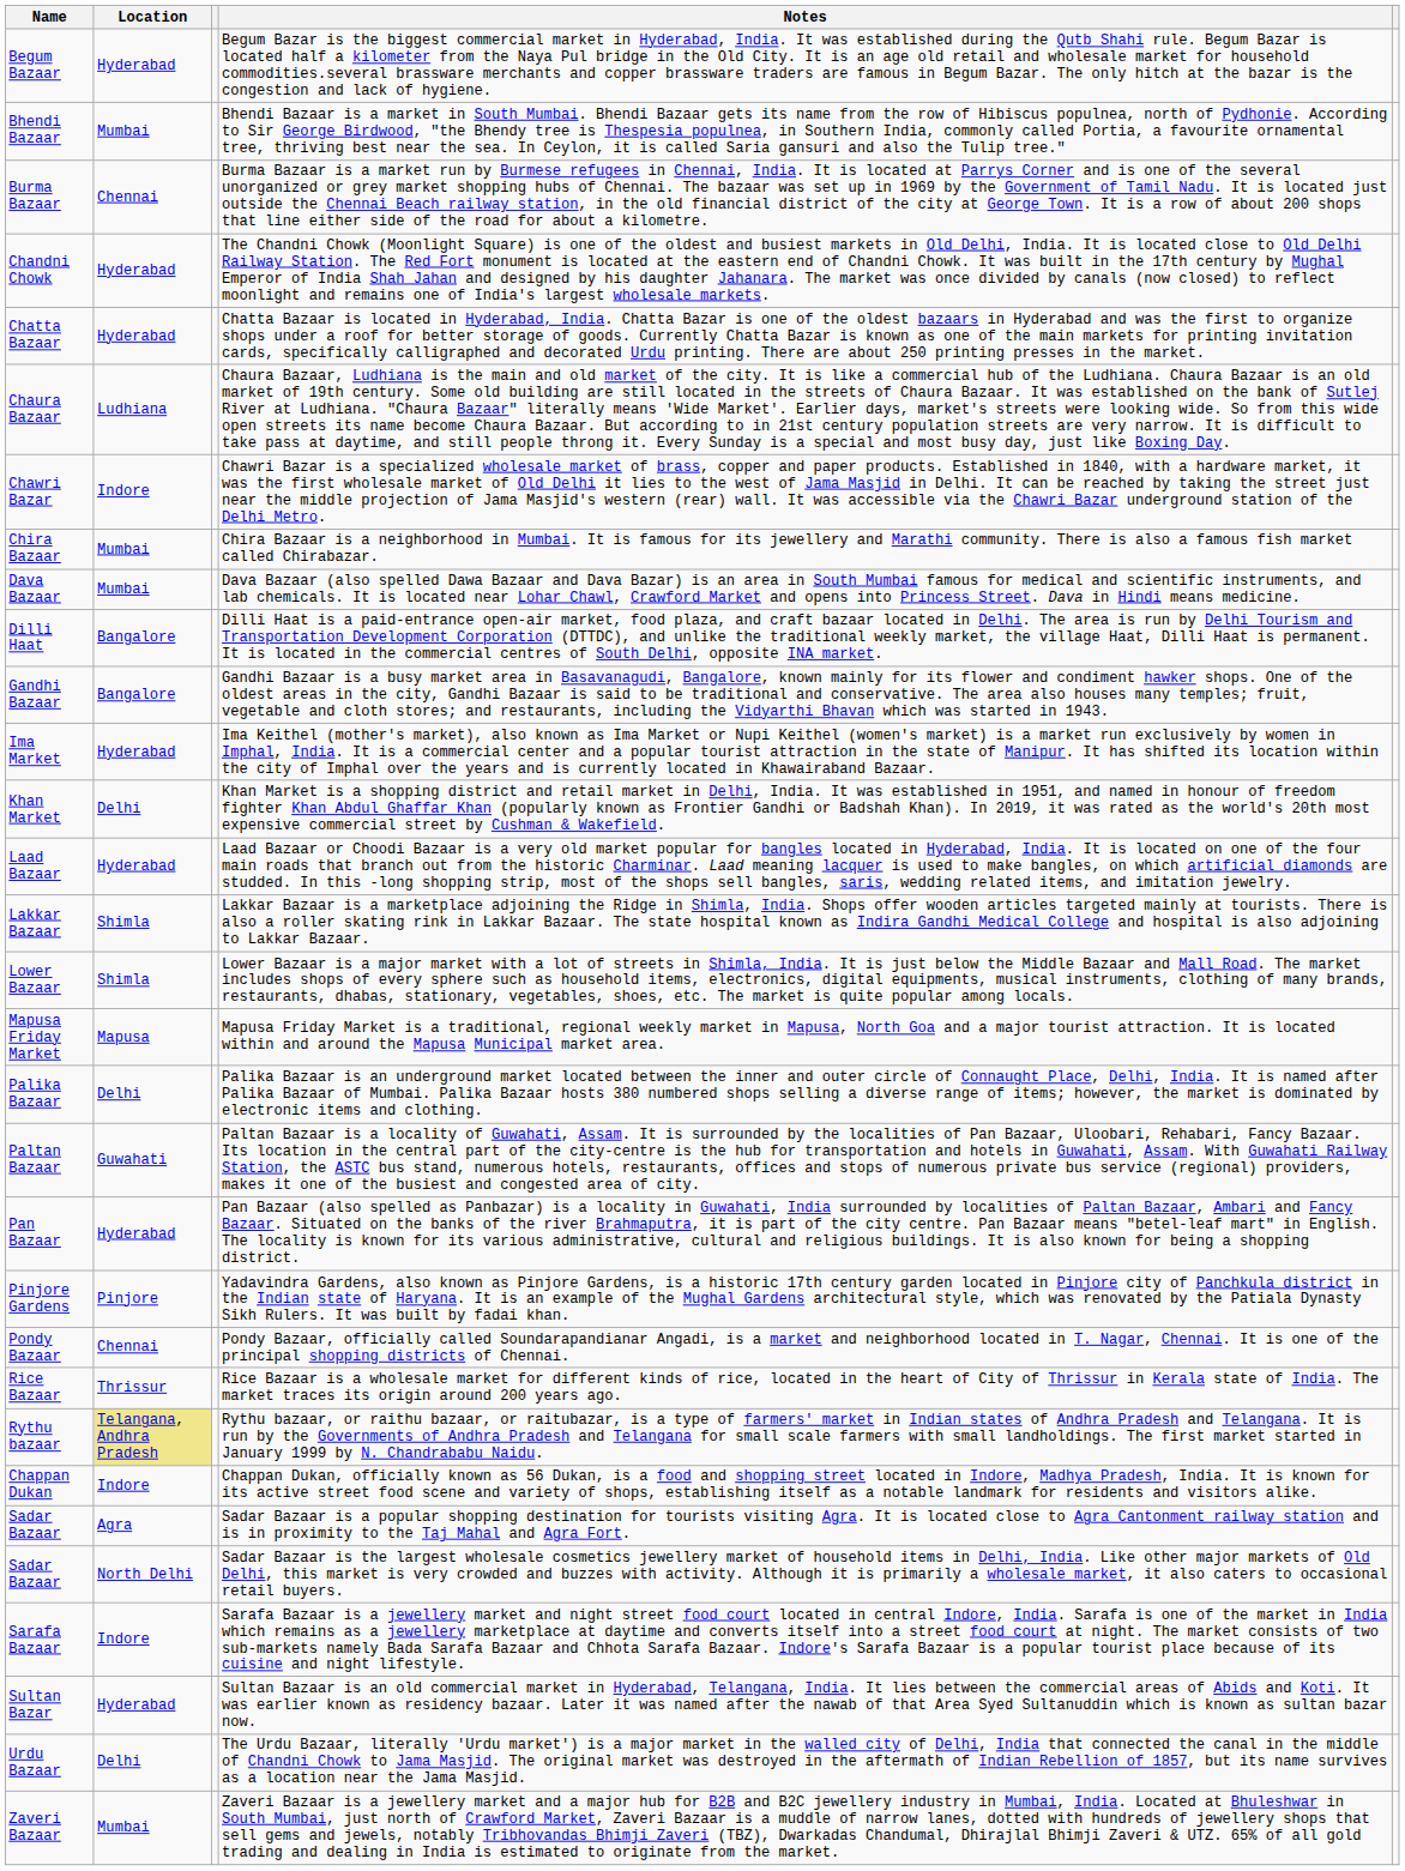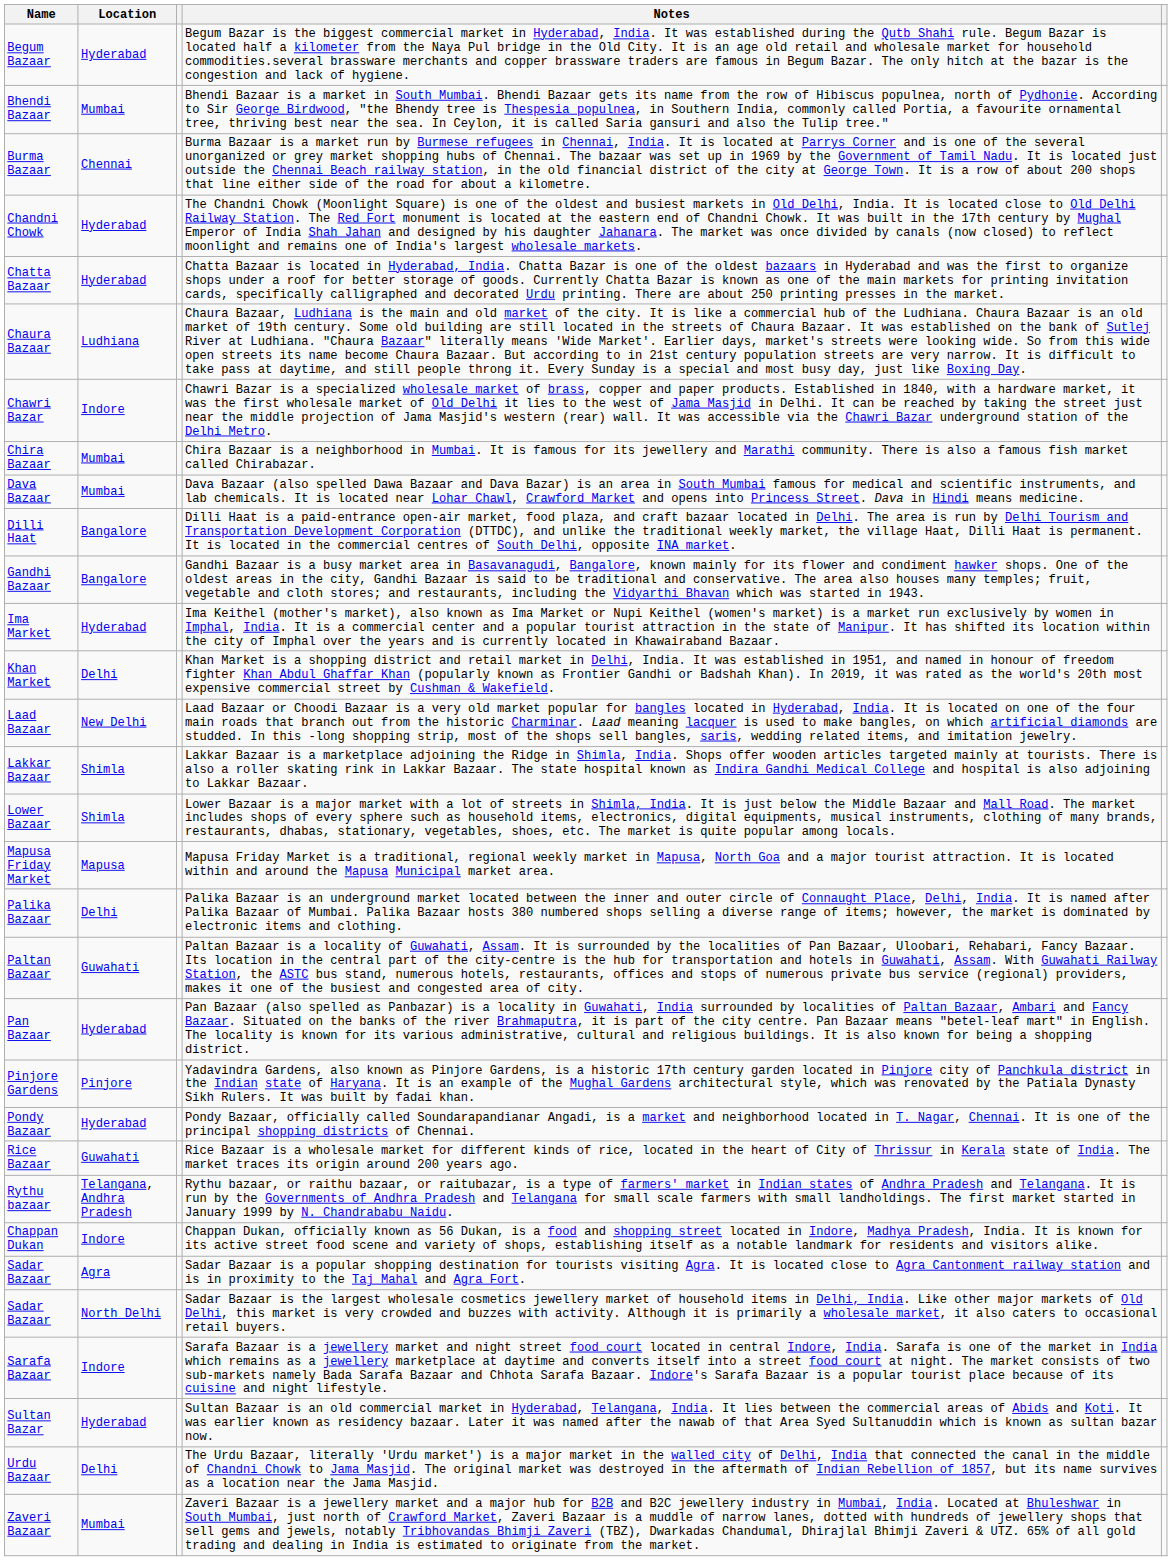 <table class="wikitable">
 <tr>
 <th>Name</th>
 <th>Location</th>
 <th></th>
 <th>Notes</th>
 <th></th>
 </tr>
 <tr>
 <td><a href='#'>Begum Bazaar</a></td>
 <td><a href='#'>Hyderabad</a></td>
 <td></td>
 <td>Begum Bazar is the biggest commercial market in <a href='#'>Hyderabad</a>, <a href='#'>India</a>. It was established during the <a href='#'>Qutb Shahi</a> rule. Begum Bazar is located half a <a href='#'>kilometer</a> from the Naya Pul bridge in the Old City. It is an age old retail and wholesale market for household commodities.several brassware merchants and copper brassware traders are famous in Begum Bazar.  The only hitch at the bazar is the congestion and lack of hygiene.</td>
 <td></td>
 </tr>
 <tr>
 <td><a href='#'>Bhendi Bazaar</a></td>
 <td><a href='#'>Mumbai</a></td>
 <td></td>
 <td>Bhendi Bazaar is a market in <a href='#'>South Mumbai</a>. Bhendi Bazaar gets its name from the row of Hibiscus populnea, north of <a href='#'>Pydhonie</a>. According to Sir <a href='#'>George Birdwood</a>, "the Bhendy tree is <a href='#'>Thespesia populnea</a>, in Southern India, commonly called Portia, a favourite ornamental tree, thriving best near the sea. In Ceylon, it is called Saria gansuri and also the Tulip tree."</td>
 <td></td>
 </tr>
 <tr>
 <td><a href='#'>Burma Bazaar</a></td>
 <td><a href='#'>Chennai</a></td>
 <td></td>
 <td>Burma Bazaar is a market run by <a href='#'>Burmese refugees</a> in <a href='#'>Chennai</a>, <a href='#'>India</a>. It is located at <a href='#'>Parrys Corner</a> and is one of the several unorganized or grey market shopping hubs of Chennai. The bazaar was set up in 1969 by the <a href='#'>Government of Tamil Nadu</a>. It is located just outside the <a href='#'>Chennai Beach railway station</a>, in the old financial district of the city at <a href='#'>George Town</a>. It is a row of about 200 shops that line either side of the road for about a kilometre.</td>
 <td></td>
 </tr>
 <tr>
 <td><a href='#'>Chandni Chowk</a></td>
 <td><a href='#'>Hyderabad</a></td>
 <td></td>
 <td>The Chandni Chowk (Moonlight Square) is one of the oldest and busiest markets in <a href='#'>Old Delhi</a>, India. It is located close to <a href='#'>Old Delhi Railway Station</a>. The <a href='#'>Red Fort</a> monument is located at the eastern end of Chandni Chowk.   It was built in the 17th century by <a href='#'>Mughal</a> Emperor of India <a href='#'>Shah Jahan</a> and designed by his daughter <a href='#'>Jahanara</a>. The market was once divided by canals (now closed) to reflect moonlight and remains one of India's largest <a href='#'>wholesale markets</a>.</td>
 <td></td>
 </tr>
 <tr>
 <td><a href='#'>Chatta Bazaar</a></td>
 <td><a href='#'>Hyderabad</a></td>
 <td></td>
 <td>Chatta Bazaar is located in <a href='#'>Hyderabad, India</a>. Chatta Bazar is one of the oldest <a href='#'>bazaars</a> in Hyderabad and was the first to organize shops under a roof for better storage of goods. Currently Chatta Bazar is known as one of the main markets for printing invitation cards, specifically calligraphed and decorated <a href='#'>Urdu</a> printing. There are about 250 printing presses in the market.</td>
 <td></td>
 </tr>
 <tr>
 <td><a href='#'>Chaura Bazaar</a></td>
 <td><a href='#'>Ludhiana</a></td>
 <td></td>
 <td>Chaura Bazaar, <a href='#'>Ludhiana</a> is the main and old <a href='#'>market</a> of the city. It is like a commercial hub of the Ludhiana. Chaura Bazaar is an old market of 19th century. Some old building are still located in the streets of Chaura Bazaar. It was established on the bank of <a href='#'>Sutlej</a> River at Ludhiana. "Chaura <a href='#'>Bazaar</a>" literally means 'Wide Market'. Earlier days, market's streets were looking wide. So from this wide open streets its name become Chaura Bazaar. But according to in 21st century population streets are very narrow. It is difficult to take pass at daytime, and still people throng it. Every Sunday is a special and most busy day, just like <a href='#'>Boxing Day</a>.</td>
 <td></td>
 </tr>
 <tr>
 <td><a href='#'>Chawri Bazar</a></td>
 <td><a href='#'>Indore</a></td>
 <td></td>
 <td>Chawri Bazar is a specialized <a href='#'>wholesale market</a> of <a href='#'>brass</a>, copper and paper products. Established in 1840, with a hardware market, it was the first wholesale market of <a href='#'>Old Delhi</a> it lies to the west of <a href='#'>Jama Masjid</a> in Delhi. It can be reached by taking the street just near the middle projection of Jama Masjid's western (rear) wall. It was accessible via the <a href='#'>Chawri Bazar</a> underground station of the <a href='#'>Delhi Metro</a>.</td>
 <td></td>
 </tr>
 <tr>
 <td><a href='#'>Chira Bazaar</a></td>
 <td><a href='#'>Mumbai</a></td>
 <td></td>
 <td>Chira Bazaar is a neighborhood in <a href='#'>Mumbai</a>. It is famous for its jewellery and <a href='#'>Marathi</a> community. There is also a famous fish market called Chirabazar.</td>
 <td></td>
 </tr>
 <tr>
 <td><a href='#'>Dava Bazaar</a></td>
 <td><a href='#'>Mumbai</a></td>
 <td></td>
 <td>Dava Bazaar (also spelled Dawa Bazaar and Dava Bazar) is an area in <a href='#'>South Mumbai</a> famous for medical and scientific instruments, and lab chemicals. It is located near <a href='#'>Lohar Chawl</a>, <a href='#'>Crawford Market</a> and opens into <a href='#'>Princess Street</a>. <em>Dava</em> in <a href='#'>Hindi</a> means medicine.</td>
 <td></td>
 </tr>
 <tr>
 <td><a href='#'>Dilli Haat</a></td>
 <td><a href='#'>Bangalore</a></td>
 <td></td>
 <td>Dilli Haat is a paid-entrance open-air market, food plaza, and craft bazaar located in <a href='#'>Delhi</a>. The area is run by <a href='#'>Delhi Tourism and Transportation Development Corporation</a> (DTTDC), and  unlike the traditional weekly market, the village Haat, Dilli Haat is permanent. It is located in the commercial centres of <a href='#'>South Delhi</a>, opposite <a href='#'>INA market</a>.</td>
 <td></td>
 </tr>
 <tr>
 <td><a href='#'>Gandhi Bazaar</a></td>
 <td><a href='#'>Bangalore</a></td>
 <td></td>
 <td>Gandhi Bazaar is a busy market area in <a href='#'>Basavanagudi</a>, <a href='#'>Bangalore</a>, known mainly for its flower and condiment <a href='#'>hawker</a> shops. One of the oldest areas in the city, Gandhi Bazaar is said to be traditional and conservative. The area also houses many temples; fruit, vegetable and cloth stores; and restaurants, including the <a href='#'>Vidyarthi Bhavan</a> which was started in 1943.</td>
 <td></td>
 </tr>
 <tr>
 <td><a href='#'>Ima Market</a></td>
 <td><a href='#'>Hyderabad</a></td>
 <td></td>
 <td>Ima Keithel (mother's market), also known as Ima Market or Nupi Keithel (women's market) is a market run exclusively by women in <a href='#'>Imphal</a>, <a href='#'>India</a>. It is a commercial center and a popular tourist attraction in the state of <a href='#'>Manipur</a>. It has shifted its location within the city of Imphal over the years and is currently located in Khawairaband Bazaar.</td>
 <td></td>
 </tr>
 <tr>
 <td><a href='#'>Khan Market</a></td>
 <td><a href='#'>Delhi</a></td>
 <td></td>
 <td>Khan Market is a shopping district and retail market in <a href='#'>Delhi</a>, India. It was established in 1951, and named in honour of freedom fighter <a href='#'>Khan Abdul Ghaffar Khan</a> (popularly known as Frontier Gandhi or Badshah Khan). In 2019, it was rated as the world's 20th most expensive commercial street by <a href='#'>Cushman & Wakefield</a>.</td>
 <td></td>
 </tr>
 <tr>
 <td><a href='#'>Laad Bazaar</a></td>
-<td><a href='#'>Hyderabad</a></td>
+<td><a href='#'>New Delhi</a></td>
 <td></td>
 <td>Laad Bazaar or Choodi Bazaar is a very old market popular for <a href='#'>bangles</a> located in <a href='#'>Hyderabad</a>, <a href='#'>India</a>. It is located  on one of the four main roads that branch out from the historic <a href='#'>Charminar</a>. <em>Laad</em> meaning <a href='#'>lacquer</a> is used to make bangles, on which <a href='#'>artificial diamonds</a> are studded. In this -long shopping strip, most of the shops sell bangles, <a href='#'>saris</a>, wedding related items, and imitation jewelry.</td>
 <td></td>
 </tr>
 <tr>
 <td><a href='#'>Lakkar Bazaar</a></td>
 <td><a href='#'>Shimla</a></td>
 <td></td>
 <td>Lakkar Bazaar is a marketplace adjoining the Ridge in <a href='#'>Shimla</a>, <a href='#'>India</a>. Shops offer wooden articles targeted mainly at tourists. There is also a roller skating rink in Lakkar Bazaar. The state hospital known as <a href='#'>Indira Gandhi Medical College</a> and hospital is also adjoining to Lakkar Bazaar.</td>
 <td></td>
 </tr>
 <tr>
 <td><a href='#'>Lower Bazaar</a></td>
 <td><a href='#'>Shimla</a></td>
 <td></td>
 <td>Lower Bazaar is a major market with a lot of streets in <a href='#'>Shimla, India</a>. It is just below the Middle Bazaar and <a href='#'>Mall Road</a>. The market includes shops of every sphere such as household items, electronics, digital equipments, musical instruments,  clothing of many brands, restaurants, dhabas, stationary, vegetables, shoes, etc. The market is quite popular among locals.</td>
 <td></td>
 </tr>
 <tr>
 <td><a href='#'>Mapusa Friday Market</a></td>
 <td><a href='#'>Mapusa</a></td>
 <td></td>
 <td>Mapusa Friday Market is a traditional, regional weekly market in <a href='#'>Mapusa</a>, <a href='#'>North Goa</a> and a major tourist attraction. It is located within and around the <a href='#'>Mapusa</a> <a href='#'>Municipal</a> market area.</td>
 <td></td>
 </tr>
 <tr>
 <td><a href='#'>Palika Bazaar</a></td>
 <td><a href='#'>Delhi</a></td>
 <td></td>
 <td>Palika Bazaar  is an underground market located between the inner and outer circle of <a href='#'>Connaught Place</a>, <a href='#'>Delhi</a>, <a href='#'>India</a>. It is named after Palika Bazaar of Mumbai. Palika Bazaar hosts 380 numbered shops selling a diverse range of items; however, the market is dominated by electronic items and clothing.</td>
 <td></td>
 </tr>
 <tr>
 <td><a href='#'>Paltan Bazaar</a></td>
 <td><a href='#'>Guwahati</a></td>
 <td></td>
 <td>Paltan Bazaar is a locality of <a href='#'>Guwahati</a>, <a href='#'>Assam</a>. It is surrounded by the localities of Pan Bazaar, Uloobari, Rehabari, Fancy Bazaar. Its location in the central part of the city-centre is the hub for transportation and hotels in <a href='#'>Guwahati</a>, <a href='#'>Assam</a>. With <a href='#'>Guwahati Railway Station</a>, the <a href='#'>ASTC</a> bus stand, numerous hotels, restaurants, offices and stops of numerous private bus service (regional) providers, makes it one of the busiest and congested area of city.</td>
 <td></td>
 </tr>
 <tr>
 <td><a href='#'>Pan Bazaar</a></td>
 <td><a href='#'>Hyderabad</a></td>
 <td></td>
 <td>Pan Bazaar (also spelled as Panbazar) is a locality in <a href='#'>Guwahati</a>, <a href='#'>India</a> surrounded by localities of <a href='#'>Paltan Bazaar</a>, <a href='#'>Ambari</a> and <a href='#'>Fancy Bazaar</a>. Situated on the banks of the river <a href='#'>Brahmaputra</a>, it is part of the city centre. Pan Bazaar means "betel-leaf mart" in English. The locality is known for its various administrative, cultural and religious buildings. It is also known for being a shopping district.</td>
 <td></td>
 </tr>
 <tr>
 <td><a href='#'>Pinjore Gardens</a></td>
 <td><a href='#'>Pinjore</a></td>
 <td></td>
 <td>Yadavindra Gardens, also known as Pinjore Gardens, is a historic 17th century garden located in <a href='#'>Pinjore</a> city of <a href='#'>Panchkula district</a> in the <a href='#'>Indian</a> <a href='#'>state</a> of <a href='#'>Haryana</a>. It is an example of the <a href='#'>Mughal Gardens</a> architectural style, which was renovated by the Patiala Dynasty Sikh Rulers. It was built by fadai khan.</td>
 <td></td>
 </tr>
 <tr>
 <td><a href='#'>Pondy Bazaar</a></td>
-<td><a href='#'>Chennai</a></td>
+<td><a href='#'>Hyderabad</a></td>
 <td></td>
 <td>Pondy Bazaar, officially called Soundarapandianar Angadi, is a <a href='#'>market</a> and neighborhood located in <a href='#'>T. Nagar</a>, <a href='#'>Chennai</a>. It is one of the principal <a href='#'>shopping districts</a> of Chennai.</td>
 <td></td>
 </tr>
 <tr>
 <td><a href='#'>Rice Bazaar</a></td>
-<td><a href='#'>Thrissur</a></td>
+<td><a href='#'>Guwahati</a></td>
 <td></td>
 <td>Rice Bazaar is a wholesale market for different kinds of rice, located in the heart of City of <a href='#'>Thrissur</a> in <a href='#'>Kerala</a> state of <a href='#'>India</a>. The market traces its origin around 200 years ago.</td>
 <td></td>
 </tr>
 <tr>
 <td><a href='#'>Rythu bazaar</a></td>
-<td style="background: khaki;"><a href='#'>Telangana</a>, <a href='#'>Andhra Pradesh</a></td>
+<td><a href='#'>Telangana</a>, <a href='#'>Andhra Pradesh</a></td>
 <td></td>
 <td>Rythu bazaar, or raithu bazaar, or raitubazar, is a type of <a href='#'>farmers' market</a> in <a href='#'>Indian states</a> of <a href='#'>Andhra Pradesh</a> and <a href='#'>Telangana</a>. It is run by the <a href='#'>Governments of Andhra Pradesh</a> and <a href='#'>Telangana</a> for small scale farmers with small landholdings. The first market started in January 1999 by <a href='#'>N. Chandrababu Naidu</a>.</td>
 <td></td>
 </tr>
 <tr>
 <td><a href='#'>Chappan Dukan</a></td>
 <td><a href='#'>Indore</a></td>
 <td></td>
 <td>Chappan Dukan, officially known as 56 Dukan, is a <a href='#'>food</a> and <a href='#'>shopping street</a> located in <a href='#'>Indore</a>, <a href='#'>Madhya Pradesh</a>, India. It is known for its active street food scene and variety of shops, establishing itself as a notable landmark for residents and visitors alike.</td>
 <td></td>
 </tr>
 <tr>
 <td><a href='#'>Sadar Bazaar</a></td>
 <td><a href='#'>Agra</a></td>
 <td></td>
 <td>Sadar Bazaar is a popular shopping destination for tourists visiting <a href='#'>Agra</a>.  It is located close to <a href='#'>Agra Cantonment railway station</a> and is in proximity to the <a href='#'>Taj Mahal</a> and <a href='#'>Agra Fort</a>.</td>
 <td></td>
 </tr>
 <tr>
 <td><a href='#'>Sadar Bazaar</a></td>
 <td><a href='#'>North Delhi</a></td>
 <td></td>
 <td>Sadar Bazaar is the largest wholesale cosmetics jewellery market of household items in <a href='#'>Delhi, India</a>. Like other major markets of <a href='#'>Old Delhi</a>, this market is very crowded and buzzes with activity. Although it is primarily a <a href='#'>wholesale market</a>, it also caters to occasional retail buyers.</td>
 <td></td>
 </tr>
 <tr>
 <td><a href='#'>Sarafa Bazaar</a></td>
 <td><a href='#'>Indore</a></td>
 <td></td>
 <td>Sarafa Bazaar is a <a href='#'>jewellery</a> market and night street <a href='#'>food court</a> located in central <a href='#'>Indore</a>, <a href='#'>India</a>. Sarafa is one of the market in <a href='#'>India</a> which remains as a <a href='#'>jewellery</a> marketplace at daytime and converts itself into a street <a href='#'>food court</a> at night. The market consists of two sub-markets namely Bada Sarafa Bazaar and Chhota Sarafa Bazaar. <a href='#'>Indore</a>'s Sarafa Bazaar is a popular tourist place because of its <a href='#'>cuisine</a> and night lifestyle.</td>
 <td></td>
 </tr>
 <tr>
 <td><a href='#'>Sultan Bazar</a></td>
 <td><a href='#'>Hyderabad</a></td>
 <td></td>
 <td>Sultan Bazaar is an old commercial market in <a href='#'>Hyderabad</a>,  <a href='#'>Telangana</a>, <a href='#'>India</a>. It lies between the commercial areas of <a href='#'>Abids</a> and <a href='#'>Koti</a>. It was earlier known as residency bazaar. Later it was named after the nawab of that Area Syed Sultanuddin which is known as sultan bazar now.</td>
 <td></td>
 </tr>
 <tr>
 <td><a href='#'>Urdu Bazaar</a></td>
 <td><a href='#'>Delhi</a></td>
 <td></td>
 <td>The Urdu Bazaar, literally 'Urdu market') is a major market in the <a href='#'>walled city</a> of <a href='#'>Delhi</a>, <a href='#'>India</a> that connected the canal in the middle of <a href='#'>Chandni Chowk</a> to <a href='#'>Jama Masjid</a>. The original market was destroyed in the aftermath of <a href='#'>Indian Rebellion of 1857</a>, but its name survives as a location near the Jama Masjid.</td>
 <td></td>
 </tr>
 <tr>
 <td><a href='#'>Zaveri Bazaar</a></td>
 <td><a href='#'>Mumbai</a></td>
 <td></td>
 <td>Zaveri Bazaar is a jewellery market and a major hub for <a href='#'>B2B</a> and B2C jewellery industry in <a href='#'>Mumbai</a>, <a href='#'>India</a>. Located at <a href='#'>Bhuleshwar</a> in <a href='#'>South Mumbai</a>, just north of <a href='#'>Crawford Market</a>, Zaveri Bazaar is a muddle of narrow lanes, dotted with hundreds of jewellery shops that sell gems and jewels, notably <a href='#'>Tribhovandas Bhimji Zaveri</a> (TBZ), Dwarkadas Chandumal, Dhirajlal Bhimji Zaveri & UTZ. 65% of all gold trading and dealing in India is estimated to originate from the market.</td>
 <td></td>
 </tr>
 </table>
